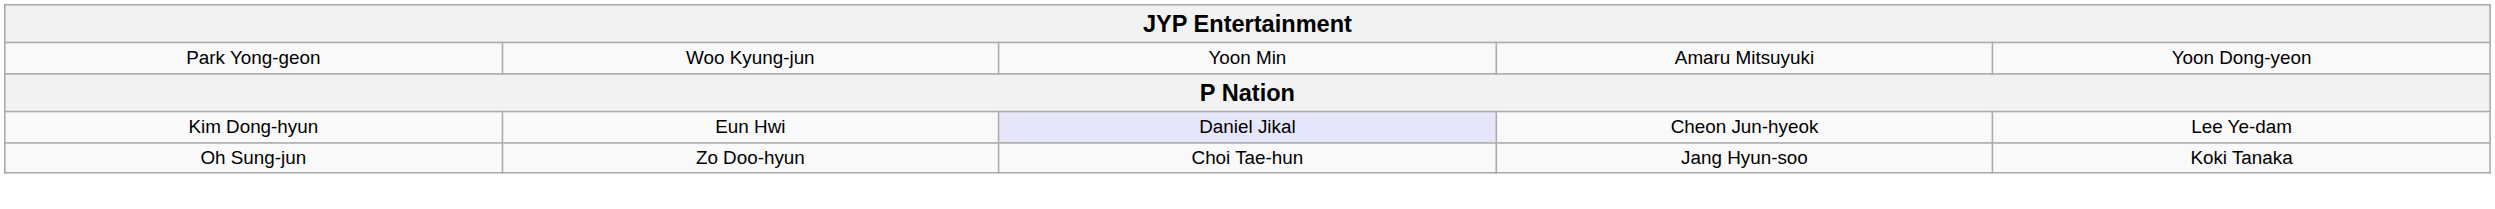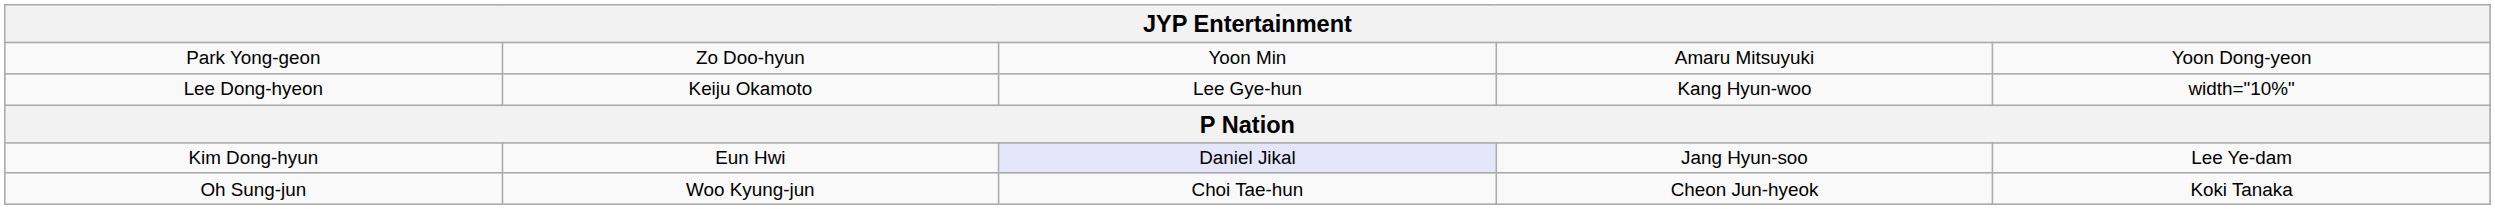 <table class="wikitable" style="text-align:center; width:100%; font-size: 75%;">
 <tr>
 <th scope="col" style="width:100%; font-size: 125%;" colspan="5">JYP Entertainment</th>
 </tr>
 <tr>
 <td width="10%">Park Yong-geon</td>
-<td width="10%">Woo Kyung-jun</td>
+<td width="10%">Zo Doo-hyun</td>
 <td width="10%">Yoon Min</td>
 <td width="10%">Amaru Mitsuyuki</td>
 <td width="10%">Yoon Dong-yeon</td>
+</tr>
+<tr>
+<td width="10%">Lee Dong-hyeon</td>
+<td width="10%">Keiju Okamoto</td>
+<td width="10%">Lee Gye-hun</td>
+<td width="10%">Kang Hyun-woo</td>
+<td>width="10%" </td>
 </tr>
 <tr>
 <th scope="col" style="width:100%; font-size: 125%;" colspan="5">P Nation</th>
 </tr>
 <tr>
 <td width="10%">Kim Dong-hyun</td>
 <td width="10%">Eun Hwi</td>
 <td width="10%" style="background: lavender;">Daniel Jikal</td>
-<td width="10%">Cheon Jun-hyeok</td>
+<td width="10%">Jang Hyun-soo</td>
 <td width="10%">Lee Ye-dam</td>
 </tr>
 <tr>
 <td width="10%">Oh Sung-jun</td>
-<td width="10%">Zo Doo-hyun</td>
+<td width="10%">Woo Kyung-jun</td>
 <td width="10%">Choi Tae-hun</td>
-<td width="10%">Jang Hyun-soo</td>
+<td width="10%">Cheon Jun-hyeok</td>
 <td width="10%">Koki Tanaka</td>
 </tr>
 </table>
